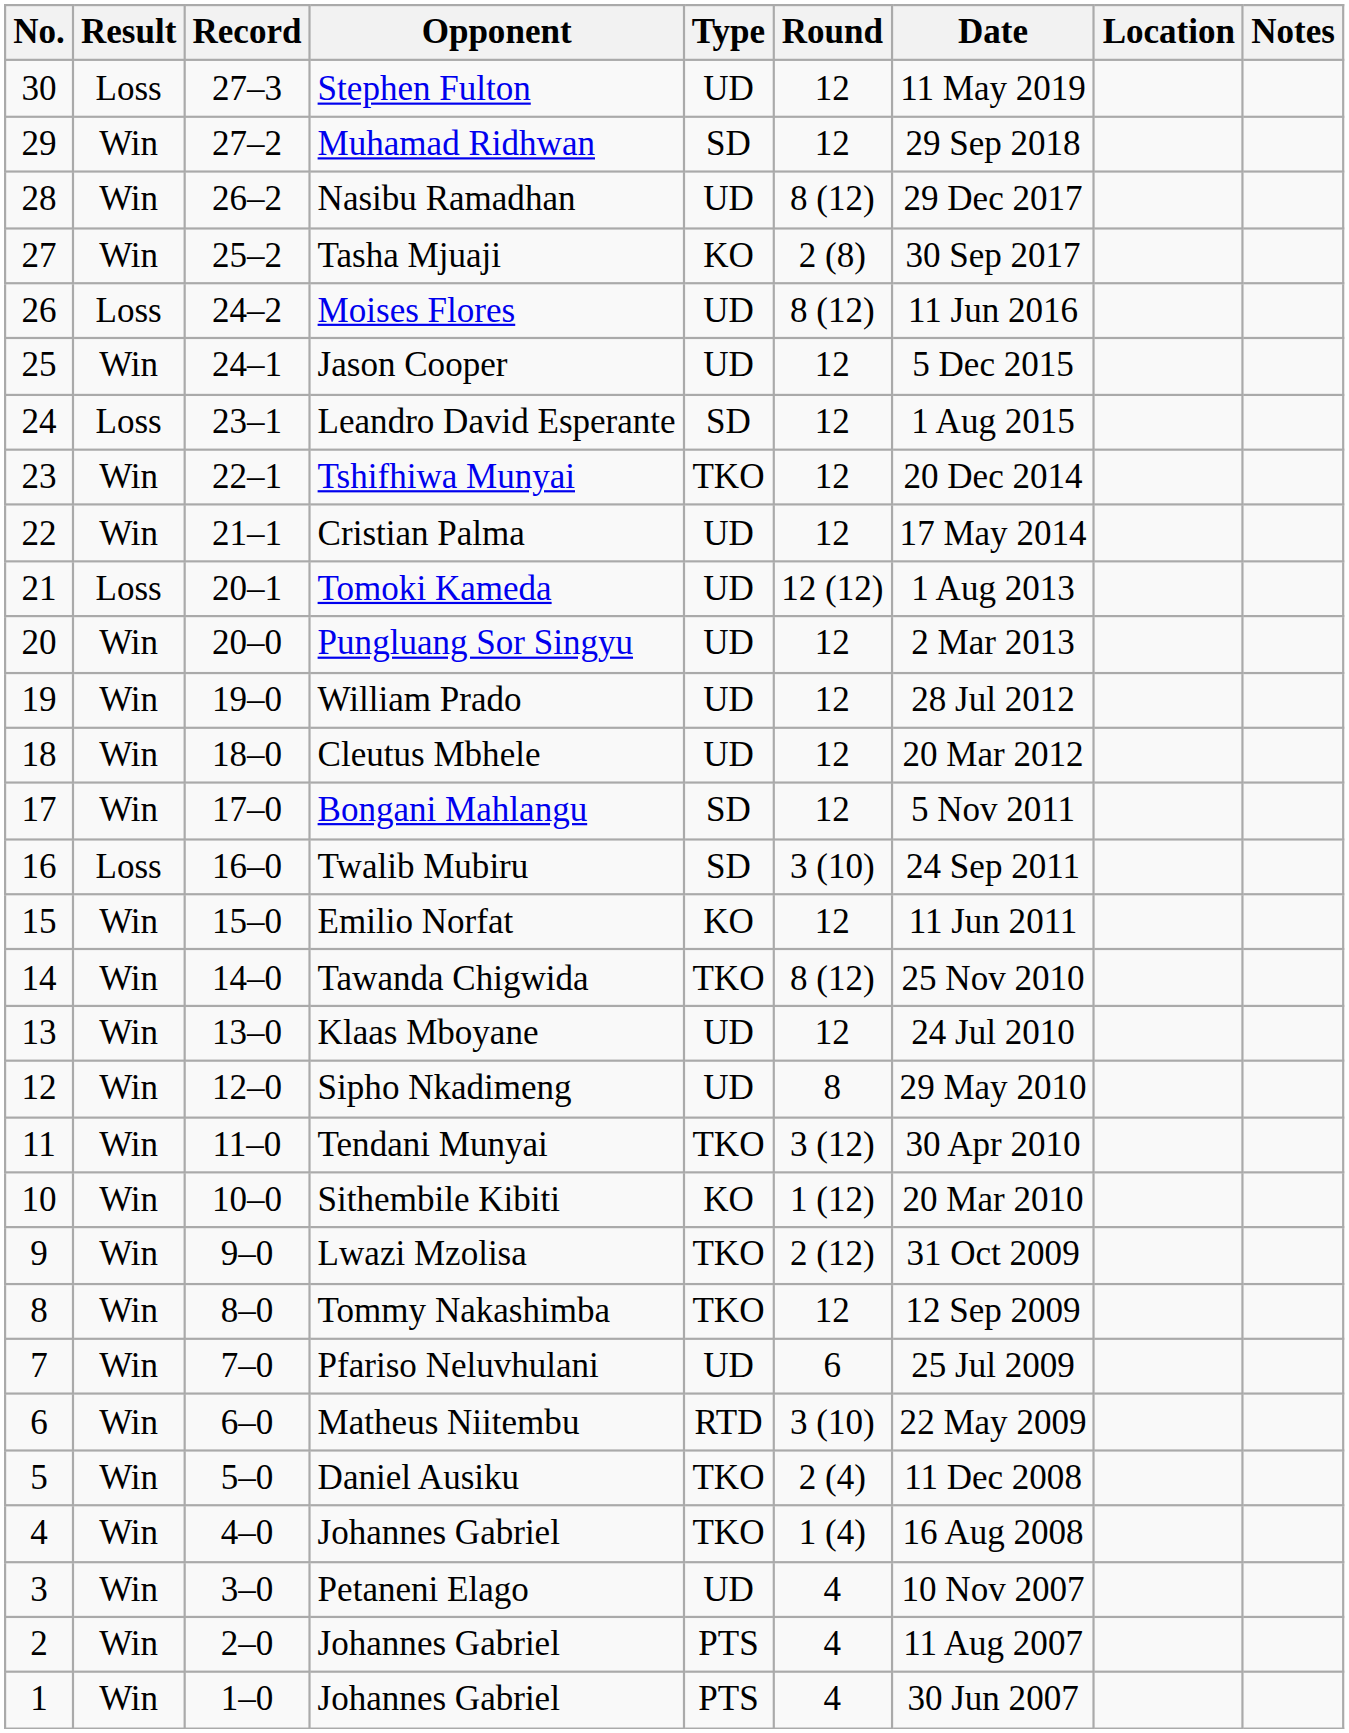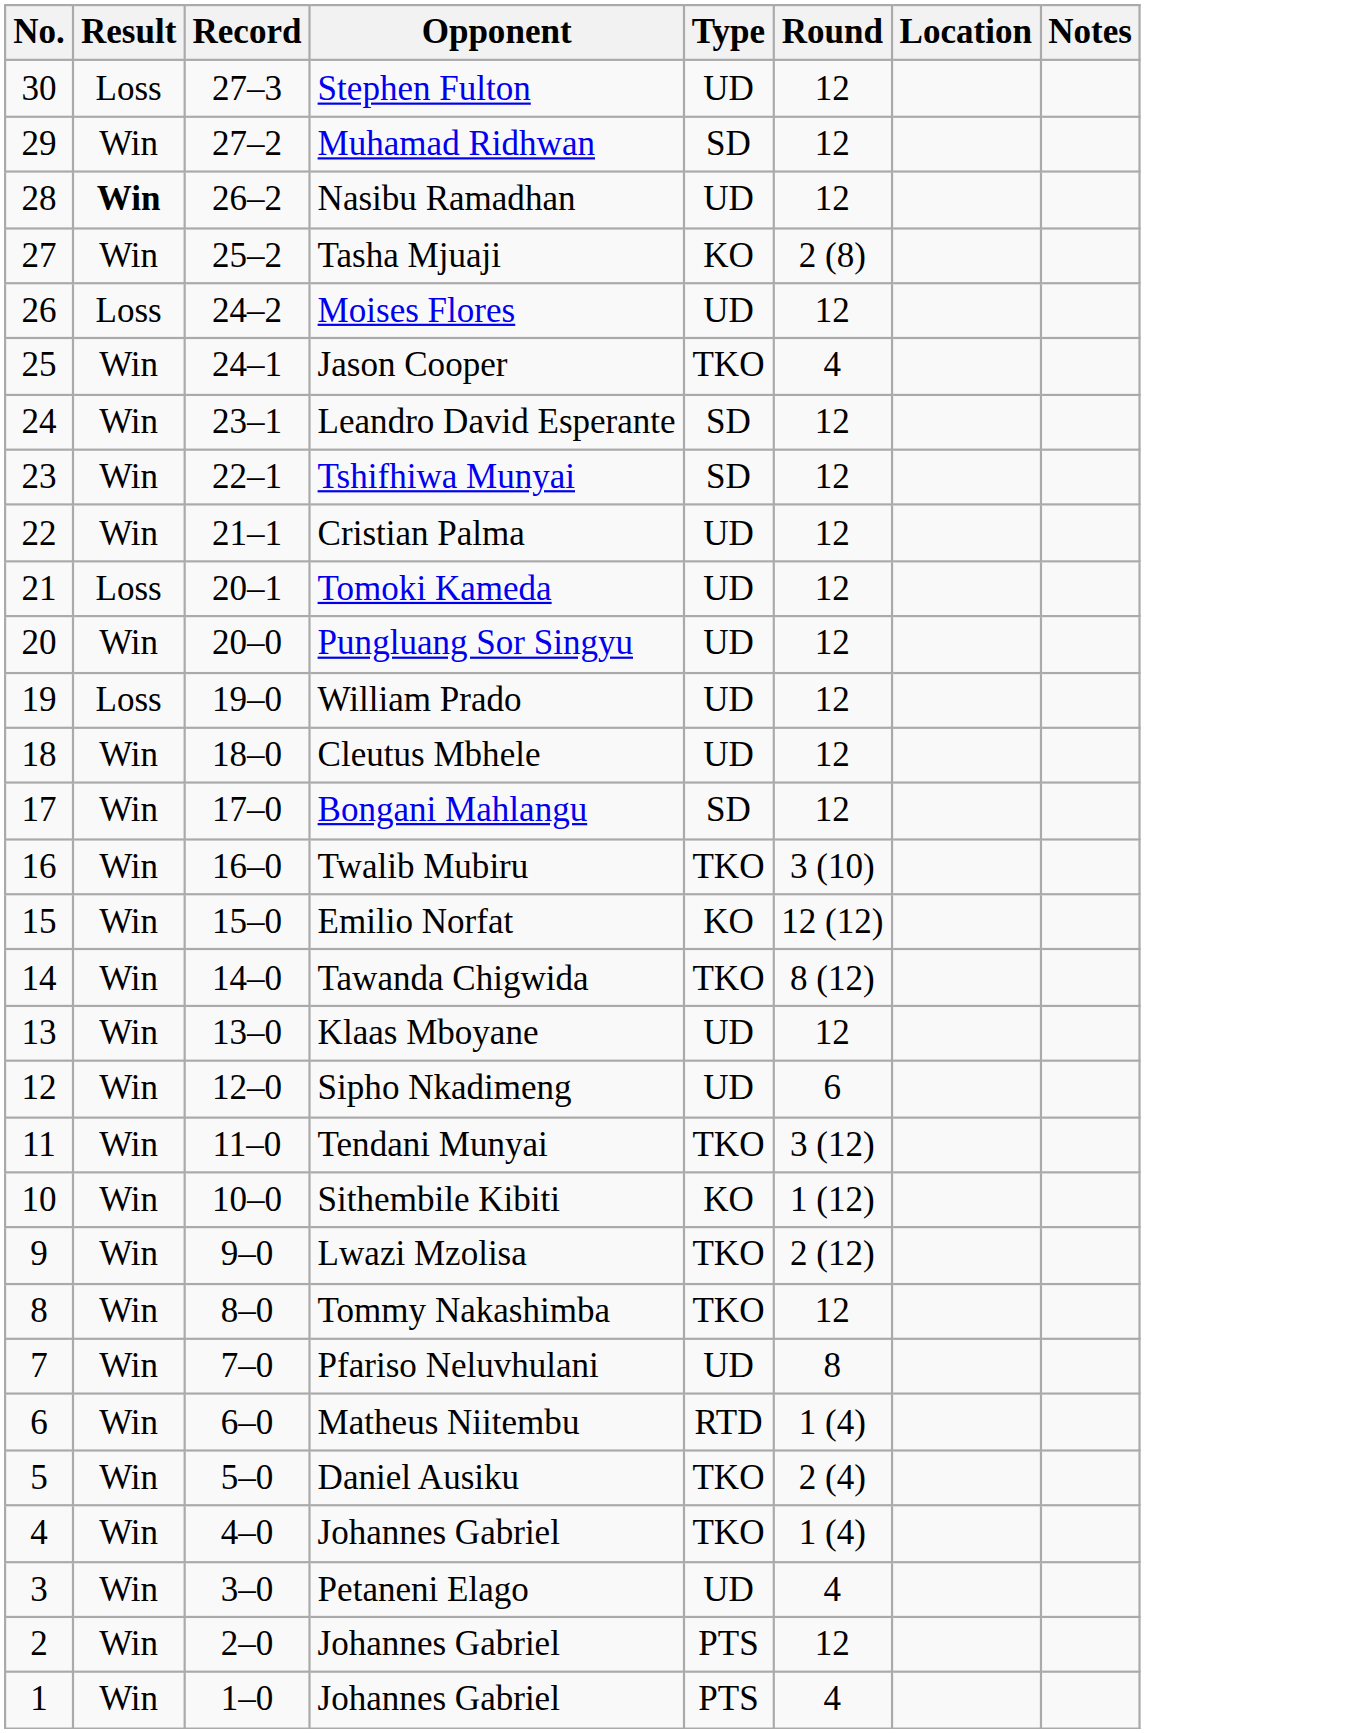 <table class="wikitable" style="text-align:center">
 <tr>
 <th>No.</th>
 <th>Result</th>
 <th>Record</th>
 <th>Opponent</th>
 <th>Type</th>
 <th>Round</th>
-<th>Date</th>
 <th>Location</th>
 <th>Notes</th>
 </tr>
 <tr>
 <td>30</td>
 <td>Loss</td>
 <td>27–3</td>
 <td align=left><a href='#'>Stephen Fulton</a></td>
 <td>UD</td>
 <td>12</td>
-<td>11 May 2019</td>
 <td align=left></td>
 <td align=left></td>
 </tr>
 <tr>
 <td>29</td>
 <td>Win</td>
 <td>27–2</td>
 <td align=left><a href='#'>Muhamad Ridhwan</a></td>
 <td>SD</td>
 <td>12</td>
-<td>29 Sep 2018</td>
 <td align=left></td>
 <td align=left></td>
 </tr>
 <tr>
 <td>28</td>
-<td>Win</td>
+<td><strong>Win</strong></td>
 <td>26–2</td>
 <td align=left>Nasibu Ramadhan</td>
 <td>UD</td>
-<td>8 (12)</td>
-<td>29 Dec 2017</td>
+<td>12</td>
 <td align=left></td>
 <td align=left></td>
 </tr>
 <tr>
 <td>27</td>
 <td>Win</td>
 <td>25–2</td>
 <td align=left>Tasha Mjuaji</td>
 <td>KO</td>
 <td>2 (8)</td>
-<td>30 Sep 2017</td>
 <td align=left></td>
 <td align=left></td>
 </tr>
 <tr>
 <td>26</td>
 <td>Loss</td>
 <td>24–2</td>
 <td align=left><a href='#'>Moises Flores</a></td>
 <td>UD</td>
-<td>8 (12)</td>
-<td>11 Jun 2016</td>
+<td>12</td>
 <td align=left></td>
 <td align=left></td>
 </tr>
 <tr>
 <td>25</td>
 <td>Win</td>
 <td>24–1</td>
 <td align=left>Jason Cooper</td>
-<td>UD</td>
-<td>12</td>
-<td>5 Dec 2015</td>
+<td>TKO</td>
+<td>4</td>
 <td align=left></td>
 <td align=left></td>
 </tr>
 <tr>
 <td>24</td>
-<td>Loss</td>
+<td>Win</td>
 <td>23–1</td>
 <td align=left>Leandro David Esperante</td>
 <td>SD</td>
 <td>12</td>
-<td>1 Aug 2015</td>
 <td align=left></td>
 <td align=left></td>
 </tr>
 <tr>
 <td>23</td>
 <td>Win</td>
 <td>22–1</td>
 <td align=left><a href='#'>Tshifhiwa Munyai</a></td>
-<td>TKO</td>
+<td>SD</td>
 <td>12</td>
-<td>20 Dec 2014</td>
 <td align=left></td>
 <td align=left></td>
 </tr>
 <tr>
 <td>22</td>
 <td>Win</td>
 <td>21–1</td>
 <td align=left>Cristian Palma</td>
 <td>UD</td>
 <td>12</td>
-<td>17 May 2014</td>
 <td align=left></td>
 <td align=left></td>
 </tr>
 <tr>
 <td>21</td>
 <td>Loss</td>
 <td>20–1</td>
 <td align=left><a href='#'>Tomoki Kameda</a></td>
 <td>UD</td>
-<td>12 (12)</td>
-<td>1 Aug 2013</td>
+<td>12</td>
 <td align=left></td>
 <td align=left></td>
 </tr>
 <tr>
 <td>20</td>
 <td>Win</td>
 <td>20–0</td>
 <td align=left><a href='#'>Pungluang Sor Singyu</a></td>
 <td>UD</td>
 <td>12</td>
-<td>2 Mar 2013</td>
 <td align=left></td>
 <td align=left></td>
 </tr>
 <tr>
 <td>19</td>
-<td>Win</td>
+<td>Loss</td>
 <td>19–0</td>
 <td align=left>William Prado</td>
 <td>UD</td>
 <td>12</td>
-<td>28 Jul 2012</td>
 <td align=left></td>
 <td align=left></td>
 </tr>
 <tr>
 <td>18</td>
 <td>Win</td>
 <td>18–0</td>
 <td align=left>Cleutus Mbhele</td>
 <td>UD</td>
 <td>12</td>
-<td>20 Mar 2012</td>
 <td align=left></td>
 <td align=left></td>
 </tr>
 <tr>
 <td>17</td>
 <td>Win</td>
 <td>17–0</td>
 <td align=left><a href='#'>Bongani Mahlangu</a></td>
 <td>SD</td>
 <td>12</td>
-<td>5 Nov 2011</td>
 <td align=left></td>
 <td align=left></td>
 </tr>
 <tr>
 <td>16</td>
-<td>Loss</td>
+<td>Win</td>
 <td>16–0</td>
 <td align=left>Twalib Mubiru</td>
-<td>SD</td>
+<td>TKO</td>
 <td>3 (10)</td>
-<td>24 Sep 2011</td>
 <td align=left></td>
 <td align=left></td>
 </tr>
 <tr>
 <td>15</td>
 <td>Win</td>
 <td>15–0</td>
 <td align=left>Emilio Norfat</td>
 <td>KO</td>
-<td>12</td>
-<td>11 Jun 2011</td>
+<td>12 (12)</td>
 <td align=left></td>
 <td align=left></td>
 </tr>
 <tr>
 <td>14</td>
 <td>Win</td>
 <td>14–0</td>
 <td align=left>Tawanda Chigwida</td>
 <td>TKO</td>
 <td>8 (12)</td>
-<td>25 Nov 2010</td>
 <td align=left></td>
 <td align=left></td>
 </tr>
 <tr>
 <td>13</td>
 <td>Win</td>
 <td>13–0</td>
 <td style="text-align:left;">Klaas Mboyane</td>
 <td>UD</td>
 <td>12</td>
-<td>24 Jul 2010</td>
 <td align=left></td>
 <td align=left></td>
 </tr>
 <tr>
 <td>12</td>
 <td>Win</td>
 <td>12–0</td>
 <td align=left>Sipho Nkadimeng</td>
 <td>UD</td>
-<td>8</td>
-<td>29 May 2010</td>
+<td>6</td>
 <td align=left></td>
 <td align=left></td>
 </tr>
 <tr>
 <td>11</td>
 <td>Win</td>
 <td>11–0</td>
 <td align=left>Tendani Munyai</td>
 <td>TKO</td>
 <td>3 (12)</td>
-<td>30 Apr 2010</td>
 <td align=left></td>
 <td align=left></td>
 </tr>
 <tr>
 <td>10</td>
 <td>Win</td>
 <td>10–0</td>
 <td align=left>Sithembile Kibiti</td>
 <td>KO</td>
 <td>1 (12)</td>
-<td>20 Mar 2010</td>
 <td align=left></td>
 <td align=left></td>
 </tr>
 <tr>
 <td>9</td>
 <td>Win</td>
 <td>9–0</td>
 <td align=left>Lwazi Mzolisa</td>
 <td>TKO</td>
 <td>2 (12)</td>
-<td>31 Oct 2009</td>
 <td align=left></td>
 <td align=left></td>
 </tr>
 <tr>
 <td>8</td>
 <td>Win</td>
 <td>8–0</td>
 <td align=left>Tommy Nakashimba</td>
 <td>TKO</td>
 <td>12</td>
-<td>12 Sep 2009</td>
 <td align=left></td>
 <td align=left></td>
 </tr>
 <tr>
 <td>7</td>
 <td>Win</td>
 <td>7–0</td>
 <td align=left>Pfariso Neluvhulani</td>
 <td>UD</td>
-<td>6</td>
-<td>25 Jul 2009</td>
+<td>8</td>
 <td align=left></td>
 <td align=left></td>
 </tr>
 <tr>
 <td>6</td>
 <td>Win</td>
 <td>6–0</td>
 <td align=left>Matheus Niitembu</td>
 <td>RTD</td>
-<td>3 (10)</td>
-<td>22 May 2009</td>
+<td>1 (4)</td>
 <td align=left></td>
 <td align=left></td>
 </tr>
 <tr>
 <td>5</td>
 <td>Win</td>
 <td>5–0</td>
 <td align=left>Daniel Ausiku</td>
 <td>TKO</td>
 <td>2 (4)</td>
-<td>11 Dec 2008</td>
 <td align=left></td>
 <td align=left></td>
 </tr>
 <tr>
 <td>4</td>
 <td>Win</td>
 <td>4–0</td>
 <td align=left>Johannes Gabriel</td>
 <td>TKO</td>
 <td>1 (4)</td>
-<td>16 Aug 2008</td>
 <td align=left></td>
 <td align=left></td>
 </tr>
 <tr>
 <td>3</td>
 <td>Win</td>
 <td>3–0</td>
 <td align=left>Petaneni Elago</td>
 <td>UD</td>
 <td>4</td>
-<td>10 Nov 2007</td>
 <td align=left></td>
 <td align=left></td>
 </tr>
 <tr>
 <td>2</td>
 <td>Win</td>
 <td>2–0</td>
 <td align=left>Johannes Gabriel</td>
 <td>PTS</td>
-<td>4</td>
-<td>11 Aug 2007</td>
+<td>12</td>
 <td align=left></td>
 <td align=left></td>
 </tr>
 <tr>
 <td>1</td>
 <td>Win</td>
 <td>1–0</td>
 <td align=left>Johannes Gabriel</td>
 <td>PTS</td>
 <td>4</td>
-<td>30 Jun 2007</td>
 <td align=left></td>
 <td align=left></td>
 </tr>
 </table>
